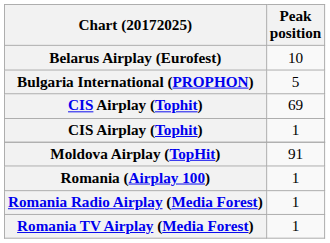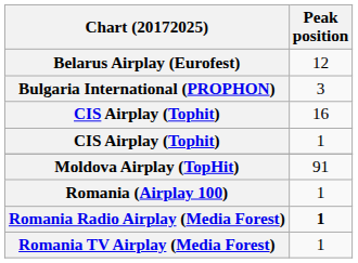 <table class="wikitable plainrowheaders sortable" style="text-align:center">
 <tr>
 <th scope="col">Chart (20172025)</th>
 <th scope="col">Peak<br>position</th>
 </tr>
 <tr>
 <th scope="row">Belarus Airplay (Eurofest)</th>
-<td>10</td>
+<td>12</td>
 </tr>
 <tr>
 <th scope="row">Bulgaria International (<a href='#'>PROPHON</a>)</th>
-<td>5</td>
+<td>3</td>
 </tr>
 <tr>
 <th scope="row"><a href='#'>CIS</a> Airplay (<a href='#'>Tophit</a>)<br><em></em></th>
-<td>69</td>
+<td>16</td>
 </tr>
 <tr>
 <th scope="row">CIS Airplay (<a href='#'>Tophit</a>)<br><em></em></th>
 <td>1</td>
 </tr>
 <tr>
 </tr>
 <tr>
 <th scope="row">Moldova Airplay (<a href='#'>TopHit</a>)<br><em></em></th>
 <td>91</td>
 </tr>
 <tr>
 <th scope="row">Romania (<a href='#'>Airplay 100</a>)</th>
 <td>1</td>
 </tr>
 <tr>
 <th scope="row"><a href='#'>Romania Radio Airplay</a> (<a href='#'>Media Forest</a>)</th>
-<td>1</td>
+<td><strong>1</strong></td>
 </tr>
 <tr>
 <th scope="row"><a href='#'>Romania TV Airplay</a> (<a href='#'>Media Forest</a>)</th>
 <td>1</td>
 </tr>
 </table>
